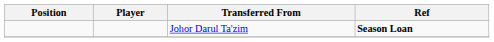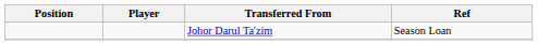 <table class="wikitable sortable" style="width:60%; font-size:100%; text-align:left;">
 <tr>
 <th>Position</th>
 <th>Player</th>
 <th>Transferred From</th>
 <th>Ref</th>
 </tr>
 <tr>
 <td></td>
 <td></td>
 <td> <a href='#'>Johor Darul Ta'zim</a></td>
-<td><strong>Season Loan</strong></td>
+<td>Season Loan</td>
 </tr>
 <tr>
 </tr>
 </table>
